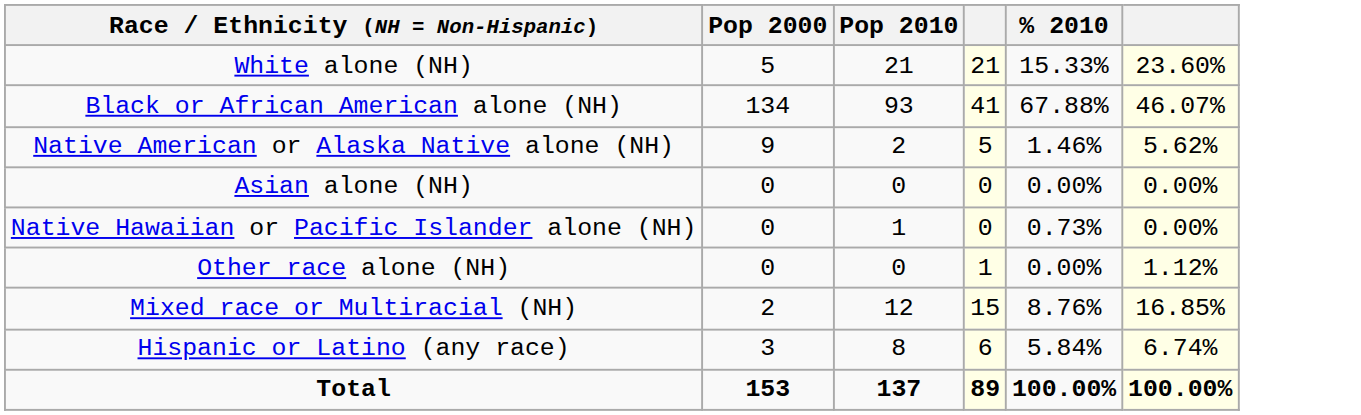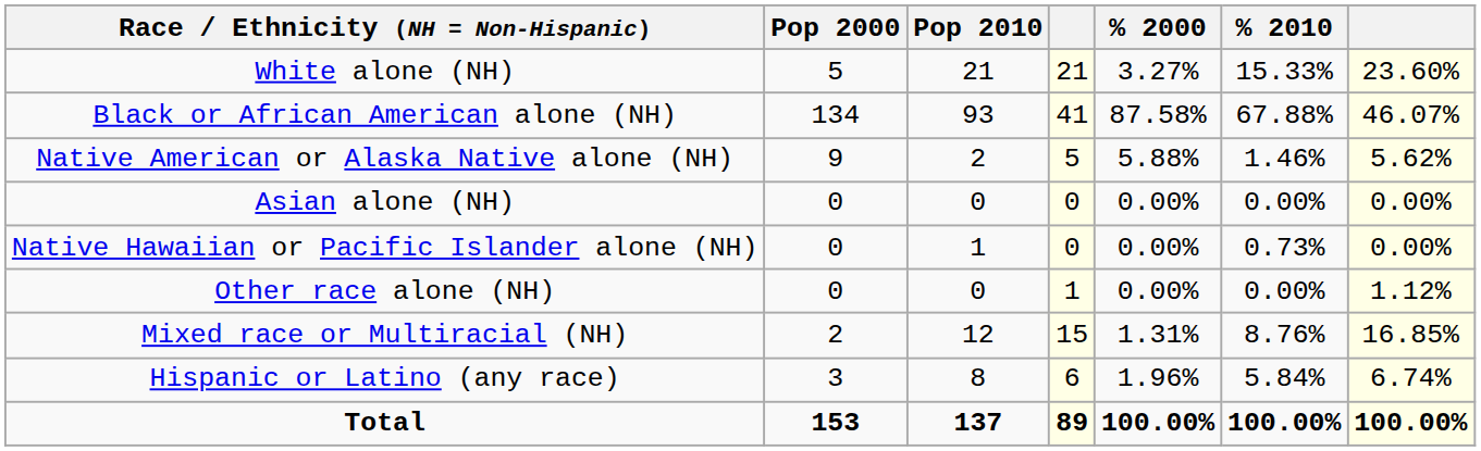 <table class="wikitable" style="text-align:center;">
 <tr>
 <th>Race / Ethnicity <small>(<em>NH = Non-Hispanic</em>)</small></th>
 <th>Pop 2000</th>
 <th>Pop 2010</th>
 <th></th>
+<th>% 2000</th>
 <th>% 2010</th>
 <th></th>
 </tr>
 <tr>
 <td><a href='#'>White</a> alone (NH)</td>
 <td>5</td>
 <td>21</td>
 <td style='background: #ffffe6;'>21</td>
+<td>3.27%</td>
 <td>15.33%</td>
 <td style='background: #ffffe6;'>23.60%</td>
 </tr>
 <tr>
 <td><a href='#'>Black or African American</a> alone (NH)</td>
 <td>134</td>
 <td>93</td>
 <td style='background: #ffffe6;'>41</td>
+<td>87.58%</td>
 <td>67.88%</td>
 <td style='background: #ffffe6;'>46.07%</td>
 </tr>
 <tr>
 <td><a href='#'>Native American</a> or <a href='#'>Alaska Native</a> alone (NH)</td>
 <td>9</td>
 <td>2</td>
 <td style='background: #ffffe6;'>5</td>
+<td>5.88%</td>
 <td>1.46%</td>
 <td style='background: #ffffe6;'>5.62%</td>
 </tr>
 <tr>
 <td><a href='#'>Asian</a> alone (NH)</td>
 <td>0</td>
 <td>0</td>
 <td style='background: #ffffe6;'>0</td>
 <td>0.00%</td>
+<td>0.00%</td>
 <td style='background: #ffffe6;'>0.00%</td>
 </tr>
 <tr>
 <td><a href='#'>Native Hawaiian</a> or <a href='#'>Pacific Islander</a> alone (NH)</td>
 <td>0</td>
 <td>1</td>
 <td style='background: #ffffe6;'>0</td>
+<td>0.00%</td>
 <td>0.73%</td>
 <td style='background: #ffffe6;'>0.00%</td>
 </tr>
 <tr>
 <td><a href='#'>Other race</a> alone (NH)</td>
 <td>0</td>
 <td>0</td>
 <td style='background: #ffffe6;'>1</td>
 <td>0.00%</td>
+<td>0.00%</td>
 <td style='background: #ffffe6;'>1.12%</td>
 </tr>
 <tr>
 <td><a href='#'>Mixed race or Multiracial</a> (NH)</td>
 <td>2</td>
 <td>12</td>
 <td style='background: #ffffe6;'>15</td>
+<td>1.31%</td>
 <td>8.76%</td>
 <td style='background: #ffffe6;'>16.85%</td>
 </tr>
 <tr>
 <td><a href='#'>Hispanic or Latino</a> (any race)</td>
 <td>3</td>
 <td>8</td>
 <td style='background: #ffffe6;'>6</td>
+<td>1.96%</td>
 <td>5.84%</td>
 <td style='background: #ffffe6;'>6.74%</td>
 </tr>
 <tr>
 <td><strong>Total</strong></td>
 <td><strong>153</strong></td>
 <td><strong>137</strong></td>
 <td style='background: #ffffe6;'><strong>89</strong></td>
 <td><strong>100.00%</strong></td>
+<td><strong>100.00%</strong></td>
 <td style='background: #ffffe6;'><strong>100.00%</strong></td>
 </tr>
 </table>
